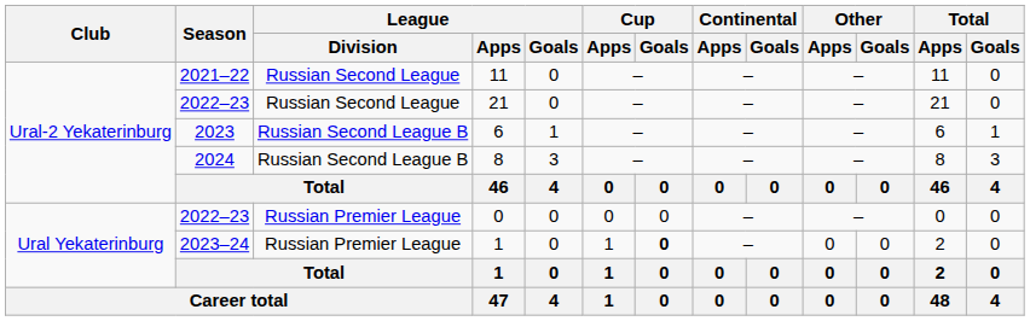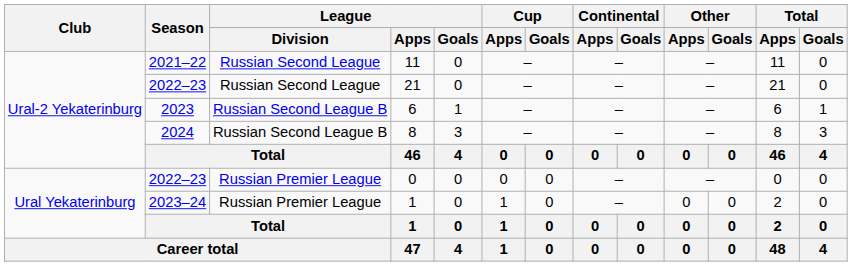 <table class="wikitable" style="text-align: center;">
 <tr>
 <th rowspan=2>Club</th>
 <th rowspan=2>Season</th>
 <th colspan=3>League</th>
 <th colspan=2>Cup</th>
 <th colspan=2>Continental</th>
 <th colspan=2>Other</th>
 <th colspan=2>Total</th>
 </tr>
 <tr>
 <th>Division</th>
 <th>Apps</th>
 <th>Goals</th>
 <th>Apps</th>
 <th>Goals</th>
 <th>Apps</th>
 <th>Goals</th>
 <th>Apps</th>
 <th>Goals</th>
 <th>Apps</th>
 <th>Goals</th>
 </tr>
 <tr>
 <td rowspan="5"><a href='#'>Ural-2 Yekaterinburg</a></td>
 <td><a href='#'>2021–22</a></td>
 <td><a href='#'>Russian Second League</a></td>
 <td>11</td>
 <td>0</td>
 <td colspan=2>–</td>
 <td colspan=2>–</td>
 <td colspan=2>–</td>
 <td>11</td>
 <td>0</td>
 </tr>
 <tr>
 <td><a href='#'>2022–23</a></td>
 <td>Russian Second League</td>
 <td>21</td>
 <td>0</td>
 <td colspan=2>–</td>
 <td colspan=2>–</td>
 <td colspan=2>–</td>
 <td>21</td>
 <td>0</td>
 </tr>
 <tr>
 <td><a href='#'>2023</a></td>
 <td><a href='#'>Russian Second League B</a></td>
 <td>6</td>
 <td>1</td>
 <td colspan=2>–</td>
 <td colspan=2>–</td>
 <td colspan=2>–</td>
 <td>6</td>
 <td>1</td>
 </tr>
 <tr>
 <td><a href='#'>2024</a></td>
 <td>Russian Second League B</td>
 <td>8</td>
 <td>3</td>
 <td colspan=2>–</td>
 <td colspan=2>–</td>
 <td colspan=2>–</td>
 <td>8</td>
 <td>3</td>
 </tr>
 <tr>
 <th colspan=2>Total</th>
 <th>46</th>
 <th>4</th>
 <th>0</th>
 <th>0</th>
 <th>0</th>
 <th>0</th>
 <th>0</th>
 <th>0</th>
 <th>46</th>
 <th>4</th>
 </tr>
 <tr>
 <td rowspan="3"><a href='#'>Ural Yekaterinburg</a></td>
 <td><a href='#'>2022–23</a></td>
 <td><a href='#'>Russian Premier League</a></td>
 <td>0</td>
 <td>0</td>
 <td>0</td>
 <td>0</td>
 <td colspan=2>–</td>
 <td colspan=2>–</td>
 <td>0</td>
 <td>0</td>
 </tr>
 <tr>
 <td><a href='#'>2023–24</a></td>
 <td>Russian Premier League</td>
 <td>1</td>
 <td>0</td>
 <td>1</td>
-<td><strong>0</strong></td>
+<td>0</td>
 <td colspan=2>–</td>
 <td>0</td>
 <td>0</td>
 <td>2</td>
 <td>0</td>
 </tr>
 <tr>
 <th colspan=2>Total</th>
 <th>1</th>
 <th>0</th>
 <th>1</th>
 <th>0</th>
 <th>0</th>
 <th>0</th>
 <th>0</th>
 <th>0</th>
 <th>2</th>
 <th>0</th>
 </tr>
 <tr>
 <th colspan=3>Career total</th>
 <th>47</th>
 <th>4</th>
 <th>1</th>
 <th>0</th>
 <th>0</th>
 <th>0</th>
 <th>0</th>
 <th>0</th>
 <th>48</th>
 <th>4</th>
 </tr>
 </table>
